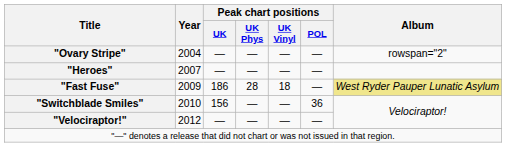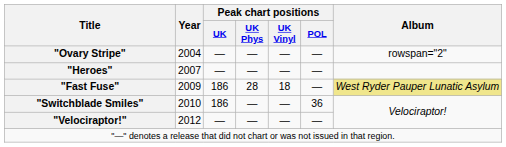 <table class="wikitable plainrowheaders" style="text-align:center;">
 <tr>
 <th scope="col" rowspan="2" style="width:16em;">Title</th>
 <th scope="col" rowspan="2">Year</th>
 <th scope="col" colspan="4">Peak chart positions</th>
 <th scope="col" rowspan="2">Album</th>
 </tr>
 <tr>
 <th scope="col" style="width:3em;font-size:90%;"><a href='#'>UK</a><br></th>
 <th scope="col" style="width:3em;font-size:90%;"><a href='#'>UK<br>Phys</a><br></th>
 <th scope="col" style="width:3em;font-size:90%;"><a href='#'>UK<br>Vinyl</a><br></th>
 <th scope="col" style="width:3em;font-size:90%;"><a href='#'>POL</a><br></th>
 </tr>
 <tr>
 <th scope="row">"Ovary Stripe"</th>
 <td>2004</td>
 <td>—</td>
 <td>—</td>
 <td>—</td>
 <td>—</td>
 <td>rowspan="2" </td>
 </tr>
 <tr>
 <th scope="row">"Heroes"</th>
 <td rowspan="1">2007</td>
 <td>—</td>
 <td>—</td>
 <td>—</td>
 <td>—</td>
 </tr>
 <tr>
 <th scope="row">"Fast Fuse"</th>
 <td>2009</td>
 <td>186</td>
 <td>28</td>
 <td>18</td>
 <td>—</td>
 <td style="background: khaki;"><em>West Ryder Pauper Lunatic Asylum</em></td>
 </tr>
 <tr>
 <th scope="row">"Switchblade Smiles"</th>
 <td>2010</td>
-<td>156</td>
+<td>186</td>
 <td>—</td>
 <td>—</td>
 <td>36</td>
 <td rowspan="2"><em>Velociraptor!</em></td>
 </tr>
 <tr>
 <th scope="row">"Velociraptor!"</th>
 <td>2012</td>
 <td>—</td>
 <td>—</td>
 <td>—</td>
 <td>—</td>
 </tr>
 <tr>
 <td colspan="10" style="font-size:85%">"—" denotes a release that did not chart or was not issued in that region.<br></td>
 </tr>
 </table>
